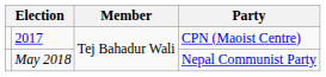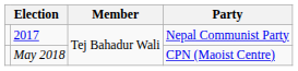 <table class="wikitable">
 <tr>
 <th colspan="2">Election</th>
 <th>Member</th>
 <th>Party</th>
 </tr>
 <tr>
 <td style="background-color:"></td>
 <td><a href='#'>2017</a></td>
 <td rowspan="2">Tej Bahadur Wali</td>
-<td><a href='#'>CPN (Maoist Centre)</a></td>
+<td><a href='#'>Nepal Communist Party</a></td>
 </tr>
 <tr>
 <td style="background-color:"></td>
 <td><em>May 2018</em></td>
-<td><a href='#'>Nepal Communist Party</a></td>
+<td><a href='#'>CPN (Maoist Centre)</a></td>
 </tr>
 </table>
